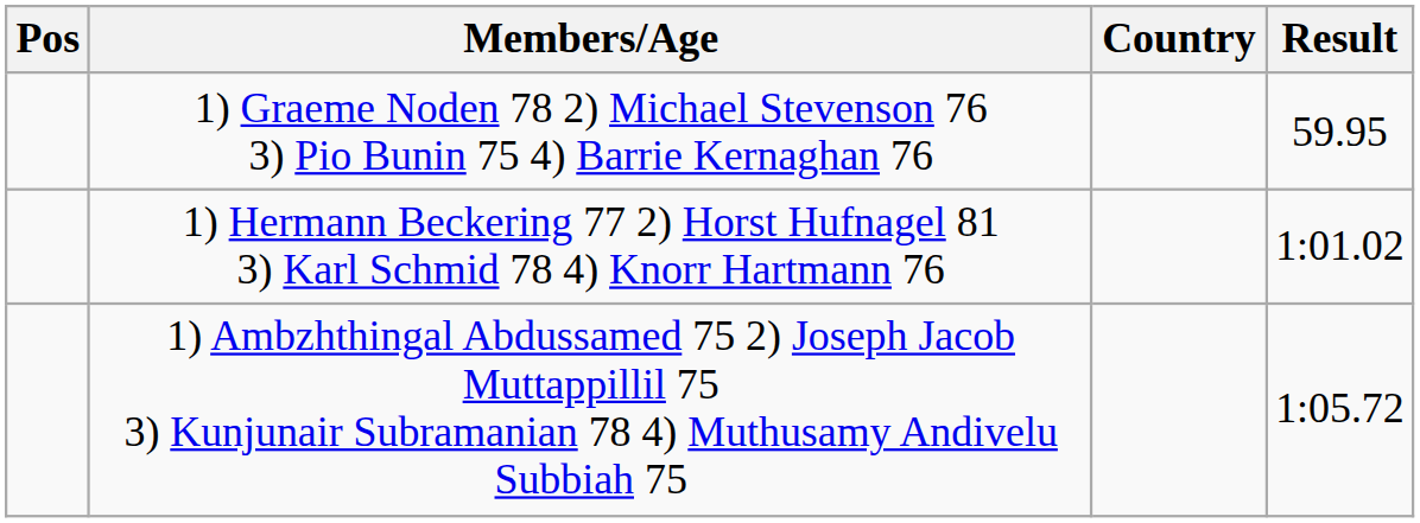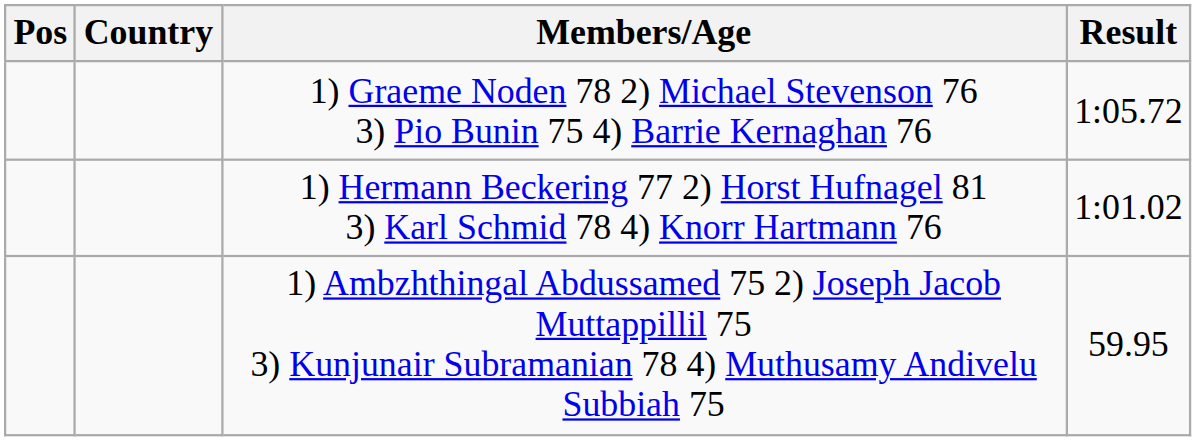 <table class="wikitable"  style="text-align:center; width:60%;">
 <tr>
 <th>Pos</th>
+<th>Country</th>
 <th>Members/Age</th>
-<th>Country</th>
 <th>Result</th>
 </tr>
 <tr>
 <td align=center></td>
+<td align=left></td>
 <td>1) <a href='#'>Graeme Noden</a> 78 2) <a href='#'>Michael Stevenson</a> 76<br>3) <a href='#'>Pio Bunin</a> 75 4) <a href='#'>Barrie Kernaghan</a> 76</td>
-<td align=left></td>
-<td>59.95</td>
+<td>1:05.72</td>
 </tr>
 <tr>
 <td align=center></td>
+<td align=left></td>
 <td>1) <a href='#'>Hermann Beckering</a> 77 2) <a href='#'>Horst Hufnagel</a> 81<br>3) <a href='#'>Karl Schmid</a> 78 4) <a href='#'>Knorr Hartmann</a> 76</td>
-<td align=left></td>
 <td>1:01.02</td>
 </tr>
 <tr>
 <td align=center></td>
+<td align=left></td>
 <td>1) <a href='#'>Ambzhthingal Abdussamed</a> 75 2) <a href='#'>Joseph Jacob Muttappillil</a> 75<br>3) <a href='#'>Kunjunair Subramanian</a> 78 4) <a href='#'>Muthusamy Andivelu Subbiah</a> 75</td>
-<td align=left></td>
-<td>1:05.72</td>
+<td>59.95</td>
 </tr>
 </table>
